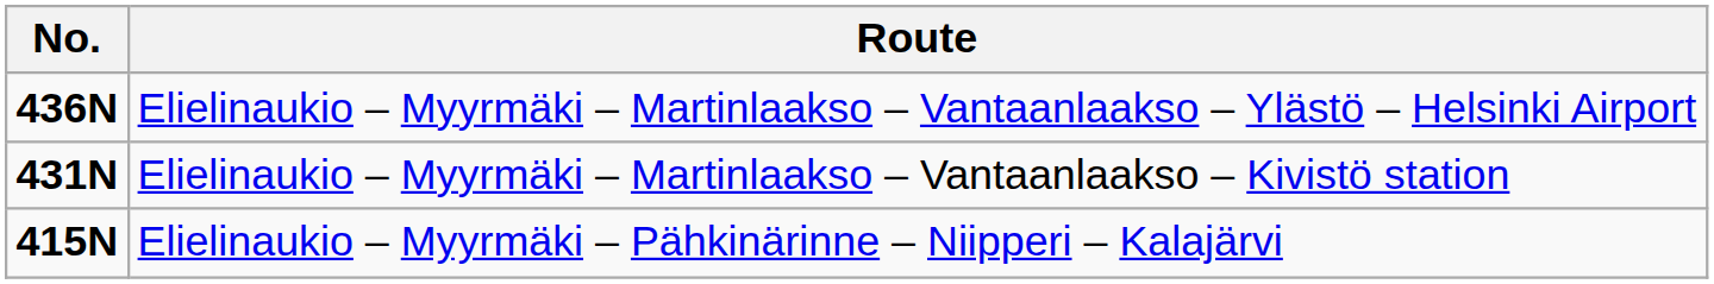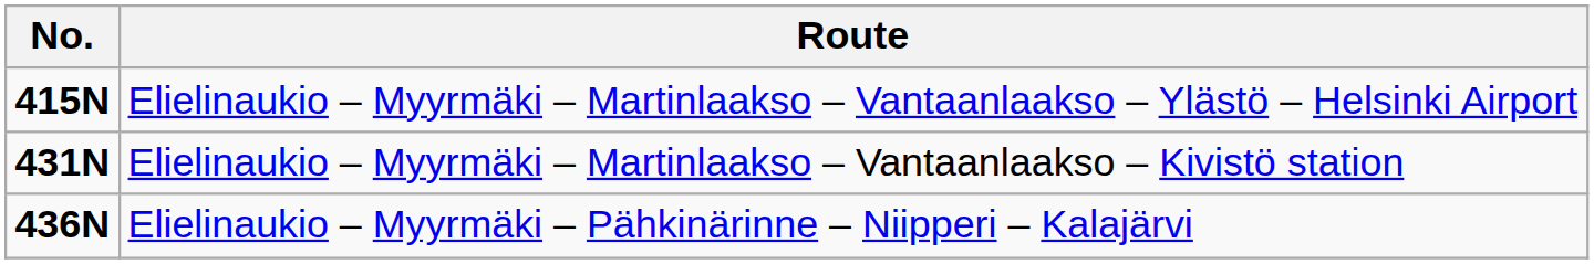 <table class="wikitable mw-collapsible mw-collapsed">
 <tr>
 <th>No.</th>
 <th>Route</th>
 </tr>
 <tr>
-<td><strong>436N</strong></td>
+<td><strong>415N</strong></td>
 <td><a href='#'>Elielinaukio</a> – <a href='#'>Myyrmäki</a> – <a href='#'>Martinlaakso</a> – <a href='#'>Vantaanlaakso</a> – <a href='#'>Ylästö</a> – <a href='#'>Helsinki Airport</a></td>
 </tr>
 <tr>
 <td><strong>431N</strong></td>
 <td><a href='#'>Elielinaukio</a> – <a href='#'>Myyrmäki</a> – <a href='#'>Martinlaakso</a> – Vantaanlaakso – <a href='#'>Kivistö station</a></td>
 </tr>
 <tr>
-<td><strong>415N</strong></td>
+<td><strong>436N</strong></td>
 <td><a href='#'>Elielinaukio</a> – <a href='#'>Myyrmäki</a> – <a href='#'>Pähkinärinne</a> – <a href='#'>Niipperi</a> – <a href='#'>Kalajärvi</a></td>
 </tr>
 </table>
